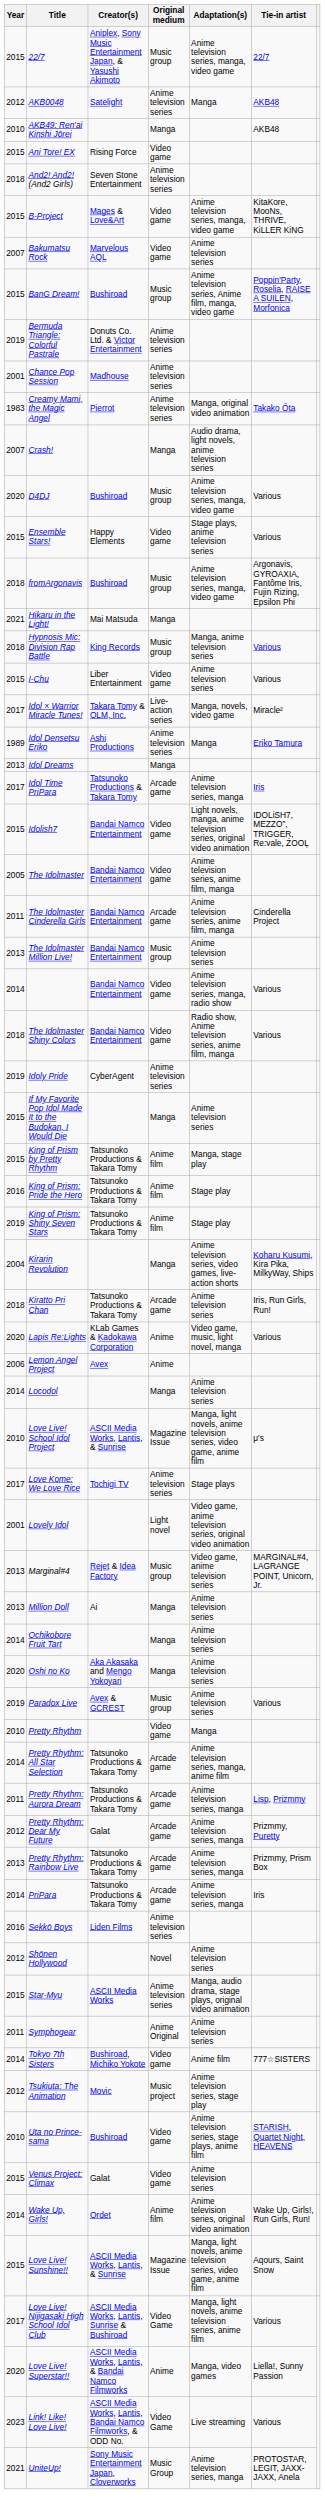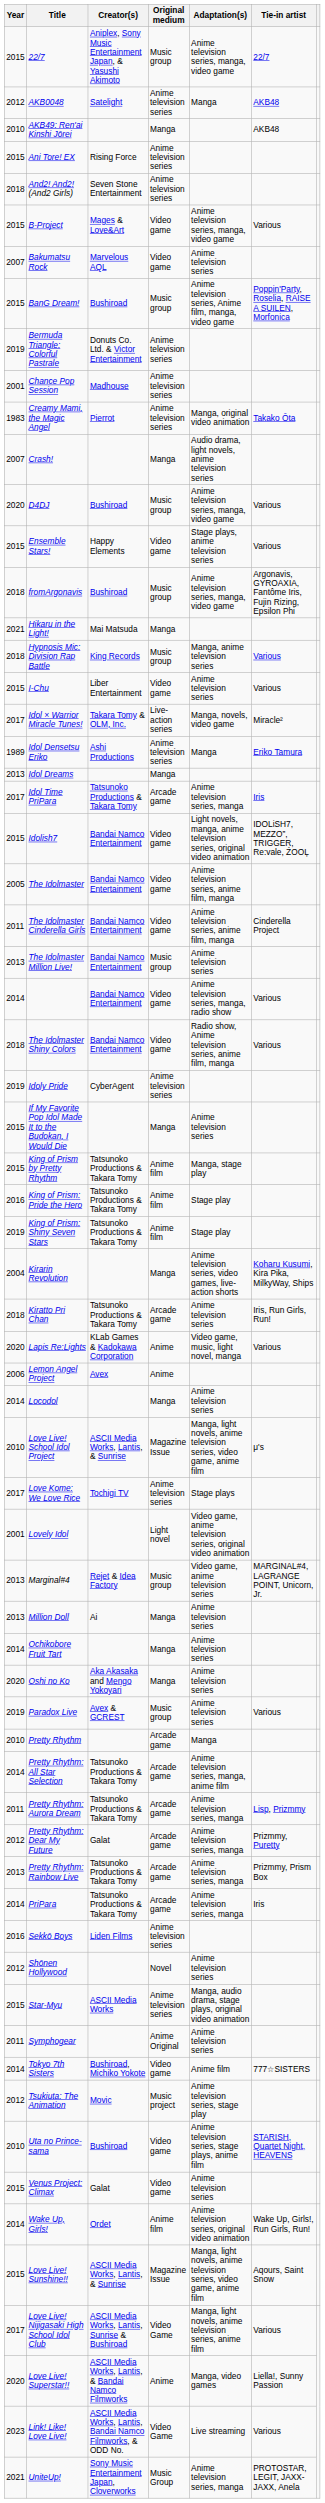 <table class="wikitable sortable" border="1">
 <tr>
 <th scope="col">Year</th>
 <th scope="col">Title</th>
 <th scope="col">Creator(s)</th>
 <th scope="col">Original medium</th>
 <th scope="col" class="unsortable">Adaptation(s)</th>
 <th scope="col">Tie-in artist</th>
 <th scope="col" class="unsortable"></th>
 </tr>
 <tr>
 <td>2015</td>
 <td><em><a href='#'>22/7</a></em></td>
 <td><a href='#'>Aniplex</a>, <a href='#'>Sony Music Entertainment Japan</a>, & <a href='#'>Yasushi Akimoto</a></td>
 <td>Music group</td>
 <td>Anime television series, manga, video game</td>
 <td><a href='#'>22/7</a></td>
 <td style="text-align:center;"></td>
 </tr>
 <tr>
 <td>2012</td>
 <td><em><a href='#'>AKB0048</a></em></td>
 <td><a href='#'>Satelight</a></td>
 <td>Anime television series</td>
 <td>Manga</td>
 <td><a href='#'>AKB48</a></td>
 <td style="text-align:center;"></td>
 </tr>
 <tr>
 <td>2010</td>
 <td><em><a href='#'>AKB49: Ren'ai Kinshi Jōrei</a></em></td>
 <td></td>
 <td>Manga</td>
 <td></td>
 <td>AKB48</td>
 <td style="text-align:center;"></td>
 </tr>
 <tr>
 <td>2015</td>
 <td><em><a href='#'>Ani Tore! EX</a></em></td>
 <td>Rising Force</td>
-<td>Video game</td>
+<td>Anime television series</td>
 <td></td>
 <td></td>
 <td></td>
 </tr>
 <tr>
 <td>2018</td>
 <td><em><a href='#'>And2! And2!</a> (And2 Girls)</em></td>
 <td>Seven Stone Entertainment</td>
 <td>Anime television series</td>
 <td></td>
 <td></td>
 <td></td>
 </tr>
 <tr>
 <td>2015</td>
 <td><em><a href='#'>B-Project</a></em></td>
 <td><a href='#'>Mages</a> & <a href='#'>Love&Art</a></td>
 <td>Video game</td>
 <td>Anime television series, manga, video game</td>
-<td>KitaKore, MooNs, THRIVE, KiLLER KiNG</td>
+<td>Various</td>
 <td style="text-align:center;"></td>
 </tr>
 <tr>
 <td>2007</td>
 <td><em><a href='#'>Bakumatsu Rock</a></em></td>
 <td><a href='#'>Marvelous AQL</a></td>
 <td>Video game</td>
 <td>Anime television series</td>
 <td></td>
 <td style="text-align:center;"></td>
 </tr>
 <tr>
 <td>2015</td>
 <td><em><a href='#'>BanG Dream!</a></em></td>
 <td><a href='#'>Bushiroad</a></td>
 <td>Music group</td>
 <td>Anime television series, Anime film, manga, video game</td>
 <td><a href='#'>Poppin'Party</a>, <a href='#'>Roselia</a>, <a href='#'>RAISE A SUILEN</a>, <a href='#'>Morfonica</a></td>
 <td></td>
 </tr>
 <tr>
 <td>2019</td>
 <td><em><a href='#'>Bermuda Triangle: Colorful Pastrale</a></em></td>
 <td>Donuts Co. Ltd. & <a href='#'>Victor Entertainment</a></td>
 <td>Anime television series</td>
 <td></td>
 <td></td>
 <td></td>
 </tr>
 <tr>
 <td>2001</td>
 <td><em><a href='#'>Chance Pop Session</a></em></td>
 <td><a href='#'>Madhouse</a></td>
 <td>Anime television series</td>
 <td></td>
 <td></td>
 <td style="text-align:center;"></td>
 </tr>
 <tr>
 <td>1983</td>
 <td><em><a href='#'>Creamy Mami, the Magic Angel</a></em></td>
 <td><a href='#'>Pierrot</a></td>
 <td>Anime television series</td>
 <td>Manga, original video animation</td>
 <td><a href='#'>Takako Ōta</a></td>
 <td style="text-align:center;"></td>
 </tr>
 <tr>
 <td>2007</td>
 <td><em><a href='#'>Crash!</a></em></td>
 <td></td>
 <td>Manga</td>
 <td>Audio drama, light novels, anime television series</td>
 <td></td>
 <td style="text-align:center;"></td>
 </tr>
 <tr>
 <td>2020</td>
 <td><em><a href='#'>D4DJ</a></em></td>
 <td><a href='#'>Bushiroad</a></td>
 <td>Music group</td>
 <td>Anime television series, manga, video game</td>
 <td>Various</td>
 <td></td>
 </tr>
 <tr>
 <td>2015</td>
 <td><em><a href='#'>Ensemble Stars!</a></em></td>
 <td>Happy Elements</td>
 <td>Video game</td>
 <td>Stage plays, anime television series</td>
 <td>Various</td>
 <td style="text-align:center;"></td>
 </tr>
 <tr>
 <td>2018</td>
 <td><em><a href='#'>fromArgonavis</a></em></td>
 <td><a href='#'>Bushiroad</a></td>
 <td>Music group</td>
 <td>Anime television series, manga, video game</td>
 <td>Argonavis, GYROAXIA, Fantôme Iris, Fujin Rizing, Epsilon Phi</td>
 <td></td>
 </tr>
 <tr>
 <td>2021</td>
 <td><em><a href='#'>Hikaru in the Light!</a></em></td>
 <td>Mai Matsuda</td>
 <td>Manga</td>
 <td></td>
 <td></td>
 <td style="text-align:center;"></td>
 </tr>
 <tr>
 <td>2018</td>
 <td><em><a href='#'>Hypnosis Mic: Division Rap Battle</a></em></td>
 <td><a href='#'>King Records</a></td>
 <td>Music group</td>
 <td>Manga, anime television series</td>
 <td><a href='#'>Various</a></td>
 <td style="text-align:center;"></td>
 </tr>
 <tr>
 <td>2015</td>
 <td><em><a href='#'>I-Chu</a></em></td>
 <td>Liber Entertainment</td>
 <td>Video game</td>
 <td>Anime television series</td>
 <td>Various</td>
 <td style="text-align:center;"></td>
 </tr>
 <tr>
 <td>2017</td>
 <td><em><a href='#'>Idol × Warrior Miracle Tunes!</a></em></td>
 <td><a href='#'>Takara Tomy</a> & <a href='#'>OLM, Inc.</a></td>
 <td>Live-action series</td>
 <td>Manga, novels, video game</td>
 <td>Miracle²</td>
 <td style="text-align:center;"></td>
 </tr>
 <tr>
 <td>1989</td>
 <td><em><a href='#'>Idol Densetsu Eriko</a></em></td>
 <td><a href='#'>Ashi Productions</a></td>
 <td>Anime television series</td>
 <td>Manga</td>
 <td><a href='#'>Eriko Tamura</a></td>
 <td style="text-align:center;"></td>
 </tr>
 <tr>
 <td>2013</td>
 <td><em><a href='#'>Idol Dreams</a></em></td>
 <td></td>
 <td>Manga</td>
 <td></td>
 <td></td>
 <td style="text-align:center;"></td>
 </tr>
 <tr>
 <td>2017</td>
 <td><em><a href='#'>Idol Time PriPara</a></em></td>
 <td><a href='#'>Tatsunoko Productions</a> & <a href='#'>Takara Tomy</a></td>
 <td>Arcade game</td>
 <td>Anime television series, manga</td>
 <td><a href='#'>Iris</a></td>
 <td style="text-align:center;"></td>
 </tr>
 <tr>
 <td>2015</td>
 <td><em><a href='#'>Idolish7</a></em></td>
 <td><a href='#'>Bandai Namco Entertainment</a></td>
 <td>Video game</td>
 <td>Light novels, manga, anime television series, original video animation</td>
 <td>IDOLiSH7, MEZZO”, TRIGGER, Re:vale, ŹOOĻ</td>
 <td style="text-align:center;"></td>
 </tr>
 <tr>
 <td>2005</td>
 <td><em><a href='#'>The Idolmaster</a></em></td>
 <td><a href='#'>Bandai Namco Entertainment</a></td>
 <td>Video game</td>
 <td>Anime television series, anime film, manga</td>
 <td></td>
 <td style="text-align:center;"></td>
 </tr>
 <tr>
 <td>2011</td>
 <td><em><a href='#'>The Idolmaster Cinderella Girls</a></em></td>
 <td><a href='#'>Bandai Namco Entertainment</a></td>
-<td>Arcade game</td>
+<td>Video game</td>
 <td>Anime television series, anime film, manga</td>
 <td>Cinderella Project</td>
 <td style="text-align:center;"></td>
 </tr>
 <tr>
 <td>2013</td>
 <td><em><a href='#'>The Idolmaster Million Live!</a></em></td>
 <td><a href='#'>Bandai Namco Entertainment</a></td>
 <td>Music group</td>
 <td>Anime television series</td>
 <td></td>
 <td style="text-align:center;"></td>
 </tr>
 <tr>
 <td>2014</td>
 <td></td>
 <td><a href='#'>Bandai Namco Entertainment</a></td>
 <td>Video game</td>
 <td>Anime television series, manga, radio show</td>
 <td>Various</td>
 <td style="text-align:center;"></td>
 </tr>
 <tr>
 <td>2018</td>
 <td><em><a href='#'>The Idolmaster Shiny Colors</a></em></td>
 <td><a href='#'>Bandai Namco Entertainment</a></td>
 <td>Video game</td>
 <td>Radio show, Anime television series, anime film, manga</td>
 <td>Various</td>
 <td></td>
 </tr>
 <tr>
 <td>2019</td>
 <td><em><a href='#'>Idoly Pride</a></em></td>
 <td>CyberAgent</td>
 <td>Anime television series</td>
 <td></td>
 <td></td>
 <td style="text-align:center;"></td>
 </tr>
 <tr>
 <td>2015</td>
 <td><em><a href='#'>If My Favorite Pop Idol Made It to the Budokan, I Would Die</a></em></td>
 <td></td>
 <td>Manga</td>
 <td>Anime television series</td>
 <td></td>
 <td style="text-align:center;"></td>
 </tr>
 <tr>
 <td>2015</td>
 <td><em><a href='#'>King of Prism by Pretty Rhythm</a></em></td>
 <td>Tatsunoko Productions & Takara Tomy</td>
 <td>Anime film</td>
 <td>Manga, stage play</td>
 <td></td>
 <td style="text-align:center;"></td>
 </tr>
 <tr>
 <td>2016</td>
 <td><em><a href='#'>King of Prism: Pride the Hero</a></em></td>
 <td>Tatsunoko Productions & Takara Tomy</td>
 <td>Anime film</td>
 <td>Stage play</td>
 <td></td>
 <td style="text-align:center;"></td>
 </tr>
 <tr>
 <td>2019</td>
 <td><em><a href='#'>King of Prism: Shiny Seven Stars</a></em></td>
 <td>Tatsunoko Productions & Takara Tomy</td>
 <td>Anime film</td>
 <td>Stage play</td>
 <td></td>
 <td style="text-align:center;"></td>
 </tr>
 <tr>
 <td>2004</td>
 <td><em><a href='#'>Kirarin Revolution</a></em></td>
 <td></td>
 <td>Manga</td>
 <td>Anime television series, video games, live-action shorts</td>
 <td><a href='#'>Koharu Kusumi</a>, Kira Pika, MilkyWay, Ships</td>
 <td style="text-align:center;"></td>
 </tr>
 <tr>
 <td>2018</td>
 <td><em><a href='#'>Kiratto Pri Chan</a></em></td>
 <td>Tatsunoko Productions & Takara Tomy</td>
 <td>Arcade game</td>
 <td>Anime television series</td>
 <td>Iris, Run Girls, Run!</td>
 <td style="text-align:center;"></td>
 </tr>
 <tr>
 <td>2020</td>
 <td><em><a href='#'>Lapis Re:Lights</a></em></td>
 <td>KLab Games & <a href='#'>Kadokawa Corporation</a></td>
 <td>Anime</td>
 <td>Video game, music, light novel, manga</td>
 <td>Various</td>
 <td></td>
 </tr>
 <tr>
 <td>2006</td>
 <td><em><a href='#'>Lemon Angel Project</a></em></td>
 <td><a href='#'>Avex</a></td>
 <td>Anime</td>
 <td></td>
 <td></td>
 <td style="text-align:center;"></td>
 </tr>
 <tr>
 <td>2014</td>
 <td><em><a href='#'>Locodol</a></em></td>
 <td></td>
 <td>Manga</td>
 <td>Anime television series</td>
 <td></td>
 <td style="text-align:center;"></td>
 </tr>
 <tr>
 <td>2010</td>
 <td><em><a href='#'>Love Live! School Idol Project</a></em></td>
 <td><a href='#'>ASCII Media Works</a>, <a href='#'>Lantis</a>, & <a href='#'>Sunrise</a></td>
 <td>Magazine Issue</td>
 <td>Manga, light novels, anime television series, video game, anime film</td>
 <td>μ's</td>
 <td style="text-align:center;"></td>
 </tr>
 <tr>
 <td>2017</td>
 <td><em><a href='#'>Love Kome: We Love Rice</a></em></td>
 <td><a href='#'>Tochigi TV</a></td>
 <td>Anime television series</td>
 <td>Stage plays</td>
 <td></td>
 <td style="text-align:center;"></td>
 </tr>
 <tr>
 <td>2001</td>
 <td><em><a href='#'>Lovely Idol</a></em></td>
 <td></td>
 <td>Light novel</td>
 <td>Video game, anime television series, original video animation</td>
 <td></td>
 <td style="text-align:center;"></td>
 </tr>
 <tr>
 <td>2013</td>
 <td><em>Marginal#4</em></td>
 <td><a href='#'>Rejet</a> & <a href='#'>Idea Factory</a></td>
 <td>Music group</td>
 <td>Video game, anime television series</td>
 <td>MARGINAL#4, LAGRANGE POINT, Unicorn, Jr.</td>
 <td style="text-align:center;"></td>
 </tr>
 <tr>
 <td>2013</td>
 <td><em><a href='#'>Million Doll</a></em></td>
 <td>Ai</td>
 <td>Manga</td>
 <td>Anime television series</td>
 <td></td>
 <td style="text-align:center;"></td>
 </tr>
 <tr>
 <td>2014</td>
 <td><em><a href='#'>Ochikobore Fruit Tart</a></em></td>
 <td></td>
 <td>Manga</td>
 <td>Anime television series</td>
 <td></td>
 <td style="text-align:center;"></td>
 </tr>
 <tr>
 <td>2020</td>
 <td><em><a href='#'>Oshi no Ko</a></em></td>
 <td><a href='#'>Aka Akasaka</a> and <a href='#'>Mengo Yokoyari</a></td>
 <td>Manga</td>
 <td>Anime television series</td>
 <td></td>
 </tr>
 <tr>
 <td>2019</td>
 <td><em><a href='#'>Paradox Live</a></em></td>
 <td><a href='#'>Avex</a> & <a href='#'>GCREST</a></td>
 <td>Music group</td>
 <td>Anime television series</td>
 <td>Various</td>
 <td></td>
 </tr>
 <tr>
 <td>2010</td>
 <td><em><a href='#'>Pretty Rhythm</a></em></td>
 <td></td>
-<td>Video game</td>
+<td>Arcade game</td>
 <td>Manga</td>
 <td></td>
 <td style="text-align:center;"></td>
 </tr>
 <tr>
 <td>2014</td>
 <td><em><a href='#'>Pretty Rhythm: All Star Selection</a></em></td>
 <td>Tatsunoko Productions & Takara Tomy</td>
 <td>Arcade game</td>
 <td>Anime television series, manga, anime film</td>
 <td></td>
 <td style="text-align:center;"></td>
 </tr>
 <tr>
 <td>2011</td>
 <td><em><a href='#'>Pretty Rhythm: Aurora Dream</a></em></td>
 <td>Tatsunoko Productions & Takara Tomy</td>
 <td>Arcade game</td>
 <td>Anime television series, manga</td>
 <td><a href='#'>Lisp</a>, <a href='#'>Prizmmy</a></td>
 <td style="text-align:center;"></td>
 </tr>
 <tr>
 <td>2012</td>
 <td><em><a href='#'>Pretty Rhythm: Dear My Future</a></em></td>
 <td>Galat</td>
 <td>Arcade game</td>
 <td>Anime television series, manga</td>
 <td>Prizmmy, <a href='#'>Puretty</a></td>
 <td style="text-align:center;"></td>
 </tr>
 <tr>
 <td>2013</td>
 <td><em><a href='#'>Pretty Rhythm: Rainbow Live</a></em></td>
 <td>Tatsunoko Productions & Takara Tomy</td>
 <td>Arcade game</td>
 <td>Anime television series, manga</td>
 <td>Prizmmy, Prism Box</td>
 <td style="text-align:center;"></td>
 </tr>
 <tr>
 <td>2014</td>
 <td><em><a href='#'>PriPara</a></em></td>
 <td>Tatsunoko Productions & Takara Tomy</td>
 <td>Arcade game</td>
 <td>Anime television series, manga</td>
 <td>Iris</td>
 <td style="text-align:center;"></td>
 </tr>
 <tr>
 <td>2016</td>
 <td><em><a href='#'>Sekkō Boys</a></em></td>
 <td><a href='#'>Liden Films</a></td>
 <td>Anime television series</td>
 <td></td>
 <td></td>
 <td style="text-align:center;"></td>
 </tr>
 <tr>
 <td>2012</td>
 <td><em><a href='#'>Shōnen Hollywood</a></em></td>
 <td></td>
 <td>Novel</td>
 <td>Anime television series</td>
 <td></td>
 <td style="text-align:center;"></td>
 </tr>
 <tr>
 <td>2015</td>
 <td><em><a href='#'>Star-Myu</a></em></td>
 <td><a href='#'>ASCII Media Works</a></td>
 <td>Anime television series</td>
 <td>Manga, audio drama, stage plays, original video animation</td>
 <td></td>
 <td style="text-align:center;"></td>
 </tr>
 <tr>
 <td>2011</td>
 <td><em><a href='#'>Symphogear</a></em></td>
 <td></td>
 <td>Anime Original</td>
 <td>Anime television series</td>
 <td></td>
 <td style="text-align:center;"></td>
 </tr>
 <tr>
 <td>2014</td>
 <td><em><a href='#'>Tokyo 7th Sisters</a></em></td>
 <td><a href='#'>Bushiroad</a>, <a href='#'>Michiko Yokote</a></td>
 <td>Video game</td>
 <td>Anime film</td>
 <td>777☆SISTERS</td>
 <td></td>
 </tr>
 <tr>
 <td>2012</td>
 <td><em><a href='#'>Tsukiuta: The Animation</a></em></td>
 <td><a href='#'>Movic</a></td>
 <td>Music project</td>
 <td>Anime television series, stage play</td>
 <td></td>
 <td style="text-align:center;"></td>
 </tr>
 <tr>
 <td>2010</td>
 <td><em><a href='#'>Uta no Prince-sama</a></em></td>
 <td><a href='#'>Bushiroad</a></td>
 <td>Video game</td>
 <td>Anime television series, stage plays, anime film</td>
 <td><a href='#'>STARISH, Quartet Night, HEAVENS</a></td>
 <td style="text-align:center;"></td>
 </tr>
 <tr>
 <td>2015</td>
 <td><em><a href='#'>Venus Project: Climax</a></em></td>
 <td>Galat</td>
 <td>Video game</td>
 <td>Anime television series</td>
 <td></td>
 <td style="text-align:center;"></td>
 </tr>
 <tr>
 <td>2014</td>
 <td><em><a href='#'>Wake Up, Girls!</a></em></td>
 <td><a href='#'>Ordet</a></td>
 <td>Anime film</td>
 <td>Anime television series, original video animation</td>
 <td>Wake Up, Girls!, Run Girls, Run!</td>
 <td style="text-align:center;"></td>
 </tr>
 <tr>
 <td>2015</td>
 <td><em><a href='#'>Love Live! Sunshine!!</a></em></td>
 <td><a href='#'>ASCII Media Works</a>, <a href='#'>Lantis</a>, & <a href='#'>Sunrise</a></td>
 <td>Magazine Issue</td>
 <td>Manga, light novels, anime television series, video game, anime film</td>
 <td>Aqours, Saint Snow</td>
 <td></td>
 </tr>
 <tr>
 <td>2017</td>
 <td><em><a href='#'>Love Live! Nijigasaki High School Idol Club</a></em></td>
 <td><a href='#'>ASCII Media Works</a>, <a href='#'>Lantis</a>, <a href='#'>Sunrise</a> & <a href='#'>Bushiroad</a></td>
 <td>Video Game</td>
 <td>Manga, light novels, anime television series, anime film</td>
 <td>Various</td>
 </tr>
 <tr>
 <td>2020</td>
 <td><em><a href='#'>Love Live! Superstar!!</a></em></td>
 <td><a href='#'>ASCII Media Works</a>, <a href='#'>Lantis</a>, & <a href='#'>Bandai Namco Filmworks</a></td>
 <td>Anime</td>
 <td>Manga, video games</td>
 <td>Liella!, Sunny Passion</td>
 </tr>
 <tr>
 <td>2023</td>
 <td><em><a href='#'>Link! Like! Love Live!</a></em></td>
 <td><a href='#'>ASCII Media Works</a>, <a href='#'>Lantis</a>, <a href='#'>Bandai Namco Filmworks</a>, & ODD No.</td>
 <td>Video Game</td>
 <td>Live streaming</td>
 <td>Various</td>
 </tr>
 <tr>
 <td>2021</td>
 <td><em><a href='#'>UniteUp!</a></em></td>
 <td><a href='#'>Sony Music Entertainment Japan</a>, <a href='#'>Cloverworks</a></td>
 <td>Music Group</td>
 <td>Anime television series, manga</td>
 <td>PROTOSTAR, LEGIT, JAXX-JAXX, Anela</td>
 </tr>
 </table>
